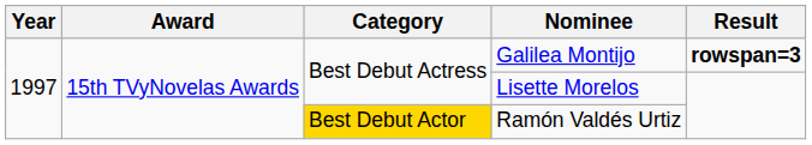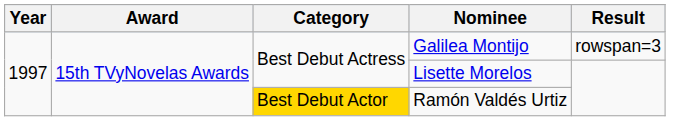 <table class="wikitable">
 <tr style="background:#b0c4de;">
 <th>Year</th>
 <th>Award</th>
 <th>Category</th>
 <th>Nominee</th>
 <th>Result</th>
 </tr>
 <tr>
 <td rowspan=3>1997</td>
 <td rowspan=3><a href='#'>15th TVyNovelas Awards</a></td>
 <td rowspan=2>Best Debut Actress</td>
 <td><a href='#'>Galilea Montijo</a></td>
-<td><strong>rowspan=3 </strong></td>
+<td>rowspan=3 </td>
 </tr>
 <tr>
 <td><a href='#'>Lisette Morelos</a></td>
 </tr>
 <tr>
 <td style="background: gold;">Best Debut Actor</td>
 <td>Ramón Valdés Urtiz</td>
 </tr>
 </table>
